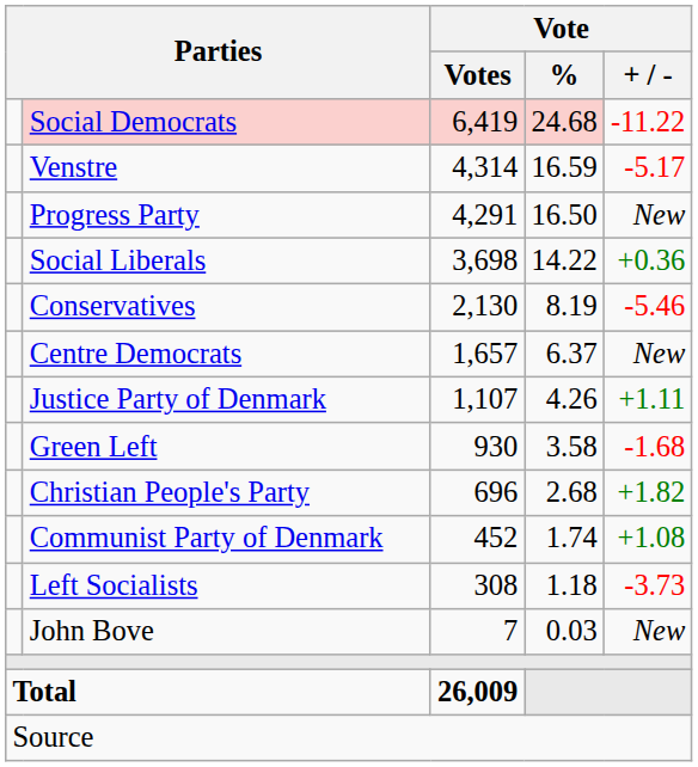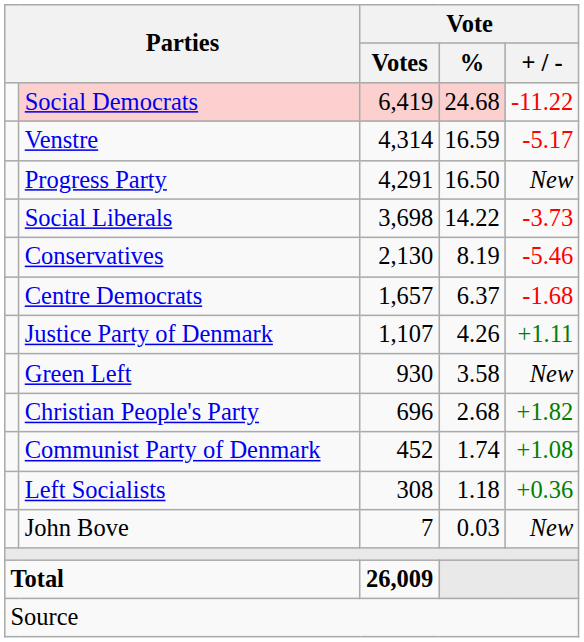 <table class="wikitable" style="text-align:right;">
 <tr>
 <th style="text-align:centre;" rowspan="2" colspan="2" width="225">Parties</th>
 <th colspan="3">Vote</th>
 </tr>
 <tr>
 <th width="15">Votes</th>
 <th width="15">%</th>
 <th width="15">+ / -</th>
 </tr>
 <tr>
 <td width="2" style="color:inherit;background:"></td>
 <td bgcolor=#fbd0ce  align="left"><a href='#'>Social Democrats</a></td>
 <td bgcolor=#fbd0ce>6,419</td>
 <td bgcolor=#fbd0ce>24.68</td>
 <td style=color:red;>-11.22</td>
 </tr>
 <tr>
 <td width="2" style="color:inherit;background:"></td>
 <td align="left"><a href='#'>Venstre</a></td>
 <td>4,314</td>
 <td>16.59</td>
 <td style=color:red;>-5.17</td>
 </tr>
 <tr>
 <td width="2" style="color:inherit;background:"></td>
 <td align="left"><a href='#'>Progress Party</a></td>
 <td>4,291</td>
 <td>16.50</td>
 <td><em>New</em></td>
 </tr>
 <tr>
 <td width="2" style="color:inherit;background:"></td>
 <td align="left"><a href='#'>Social Liberals</a></td>
 <td>3,698</td>
 <td>14.22</td>
-<td style=color:green;>+0.36</td>
+<td style=color:red;>-3.73</td>
 </tr>
 <tr>
 <td width="2" style="color:inherit;background:"></td>
 <td align="left"><a href='#'>Conservatives</a></td>
 <td>2,130</td>
 <td>8.19</td>
 <td style=color:red;>-5.46</td>
 </tr>
 <tr>
 <td width="2" style="color:inherit;background:"></td>
 <td align="left"><a href='#'>Centre Democrats</a></td>
 <td>1,657</td>
 <td>6.37</td>
-<td><em>New</em></td>
+<td style=color:red;>-1.68</td>
 </tr>
 <tr>
 <td width="2" style="color:inherit;background:"></td>
 <td align="left"><a href='#'>Justice Party of Denmark</a></td>
 <td>1,107</td>
 <td>4.26</td>
 <td style=color:green;>+1.11</td>
 </tr>
 <tr>
 <td width="2" style="color:inherit;background:"></td>
 <td align="left"><a href='#'>Green Left</a></td>
 <td>930</td>
 <td>3.58</td>
-<td style=color:red;>-1.68</td>
+<td><em>New</em></td>
 </tr>
 <tr>
 <td width="2" style="color:inherit;background:"></td>
 <td align="left"><a href='#'>Christian People's Party</a></td>
 <td>696</td>
 <td>2.68</td>
 <td style=color:green;>+1.82</td>
 </tr>
 <tr>
 <td width="2" style="color:inherit;background:"></td>
 <td align="left"><a href='#'>Communist Party of Denmark</a></td>
 <td>452</td>
 <td>1.74</td>
 <td style=color:green;>+1.08</td>
 </tr>
 <tr>
 <td width="2" style="color:inherit;background:"></td>
 <td align="left"><a href='#'>Left Socialists</a></td>
 <td>308</td>
 <td>1.18</td>
-<td style=color:red;>-3.73</td>
+<td style=color:green;>+0.36</td>
 </tr>
 <tr>
 <td width="2" style="color:inherit;background:"></td>
 <td align="left">John Bove</td>
 <td>7</td>
 <td>0.03</td>
 <td><em>New</em></td>
 </tr>
 <tr>
 <td colspan="7" bgcolor="#E9E9E9"></td>
 </tr>
 <tr>
 <td align="left" colspan="2"><strong>Total</strong></td>
 <td><strong>26,009</strong></td>
 <td bgcolor="#E9E9E9" colspan="2"></td>
 </tr>
 <tr>
 <td align="left" colspan="6">Source</td>
 </tr>
 </table>
